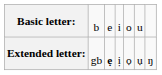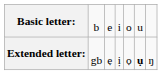 <table class="wikitable" style="line-height: 1.2">
 <tr align=center>
 <th>Basic letter:</th>
 <td> <br>b</td>
 <td> <br>e</td>
 <td> <br>i</td>
 <td> <br>o</td>
 <td> <br>u</td>
 </tr>
 <tr align=center>
 <th>Extended letter:</th>
 <td> <br>gb</td>
-<td><strong> <br>ẹ</strong></td>
+<td> <br>ẹ</td>
 <td> <br>ị</td>
 <td> <br>ọ</td>
-<td> <br>ụ</td>
+<td><strong> <br>ụ</strong></td>
 <td> <br>ŋ</td>
 </tr>
 </table>
